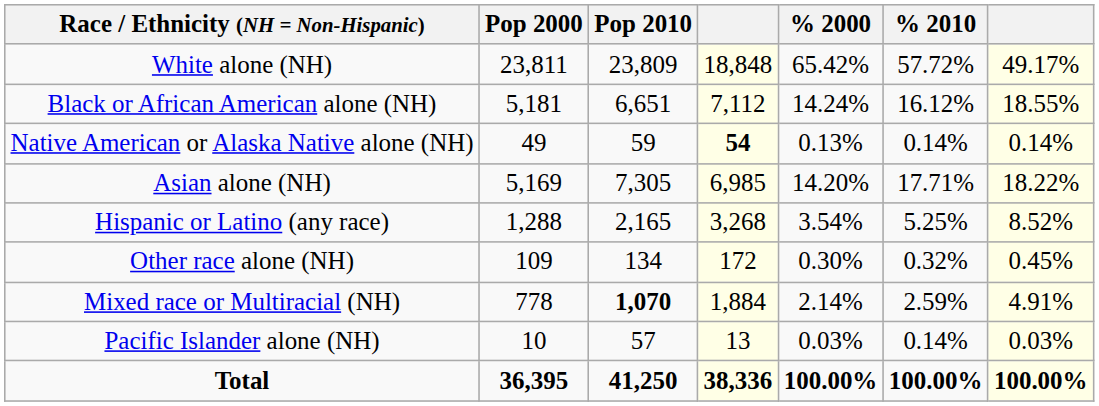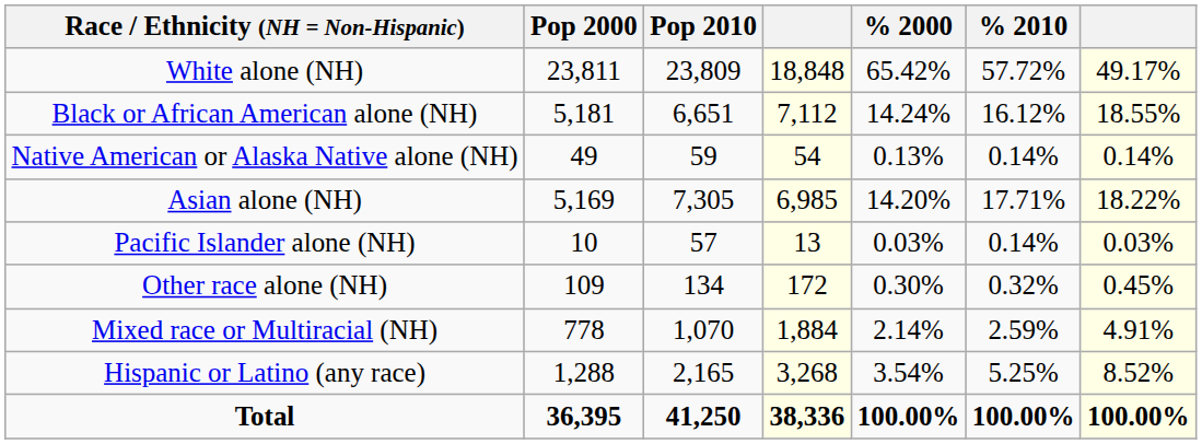 <table class="wikitable" style="text-align:center;">
 <tr>
 <th>Race / Ethnicity <small>(<em>NH = Non-Hispanic</em>)</small></th>
 <th>Pop 2000</th>
 <th>Pop 2010</th>
 <th></th>
 <th>% 2000</th>
 <th>% 2010</th>
 <th></th>
 </tr>
 <tr>
 <td><a href='#'>White</a> alone (NH)</td>
 <td>23,811</td>
 <td>23,809</td>
 <td style='background: #ffffe6;'>18,848</td>
 <td>65.42%</td>
 <td>57.72%</td>
 <td style='background: #ffffe6;'>49.17%</td>
 </tr>
 <tr>
 <td><a href='#'>Black or African American</a> alone (NH)</td>
 <td>5,181</td>
 <td>6,651</td>
 <td style='background: #ffffe6;'>7,112</td>
 <td>14.24%</td>
 <td>16.12%</td>
 <td style='background: #ffffe6;'>18.55%</td>
 </tr>
 <tr>
 <td><a href='#'>Native American</a> or <a href='#'>Alaska Native</a> alone (NH)</td>
 <td>49</td>
 <td>59</td>
-<td style='background: #ffffe6;'><strong>54</strong></td>
+<td style='background: #ffffe6;'>54</td>
 <td>0.13%</td>
 <td>0.14%</td>
 <td style='background: #ffffe6;'>0.14%</td>
 </tr>
 <tr>
 <td><a href='#'>Asian</a> alone (NH)</td>
 <td>5,169</td>
 <td>7,305</td>
 <td style='background: #ffffe6;'>6,985</td>
 <td>14.20%</td>
 <td>17.71%</td>
 <td style='background: #ffffe6;'>18.22%</td>
 </tr>
 <tr>
-<td><a href='#'>Hispanic or Latino</a> (any race)</td>
-<td>1,288</td>
-<td>2,165</td>
-<td style='background: #ffffe6;'>3,268</td>
-<td>3.54%</td>
-<td>5.25%</td>
-<td style='background: #ffffe6;'>8.52%</td>
+<td><a href='#'>Pacific Islander</a> alone (NH)</td>
+<td>10</td>
+<td>57</td>
+<td style='background: #ffffe6;'>13</td>
+<td>0.03%</td>
+<td>0.14%</td>
+<td style='background: #ffffe6;'>0.03%</td>
 </tr>
 <tr>
 <td><a href='#'>Other race</a> alone (NH)</td>
 <td>109</td>
 <td>134</td>
 <td style='background: #ffffe6;'>172</td>
 <td>0.30%</td>
 <td>0.32%</td>
 <td style='background: #ffffe6;'>0.45%</td>
 </tr>
 <tr>
 <td><a href='#'>Mixed race or Multiracial</a> (NH)</td>
 <td>778</td>
-<td><strong>1,070</strong></td>
+<td>1,070</td>
 <td style='background: #ffffe6;'>1,884</td>
 <td>2.14%</td>
 <td>2.59%</td>
 <td style='background: #ffffe6;'>4.91%</td>
 </tr>
 <tr>
-<td><a href='#'>Pacific Islander</a> alone (NH)</td>
-<td>10</td>
-<td>57</td>
-<td style='background: #ffffe6;'>13</td>
-<td>0.03%</td>
-<td>0.14%</td>
-<td style='background: #ffffe6;'>0.03%</td>
+<td><a href='#'>Hispanic or Latino</a> (any race)</td>
+<td>1,288</td>
+<td>2,165</td>
+<td style='background: #ffffe6;'>3,268</td>
+<td>3.54%</td>
+<td>5.25%</td>
+<td style='background: #ffffe6;'>8.52%</td>
 </tr>
 <tr>
 <td><strong>Total</strong></td>
 <td><strong>36,395</strong></td>
 <td><strong>41,250</strong></td>
 <td style='background: #ffffe6;'><strong>38,336</strong></td>
 <td><strong>100.00%</strong></td>
 <td><strong>100.00%</strong></td>
 <td style='background: #ffffe6;'><strong>100.00%</strong></td>
 </tr>
 </table>
